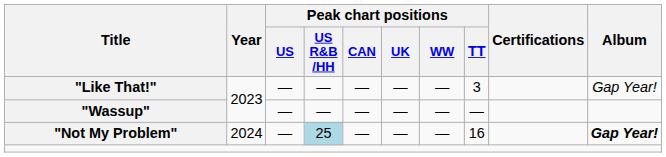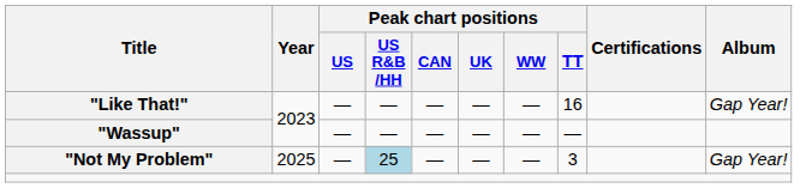 <table class="wikitable plainrowheaders" style="text-align:center;">
 <tr>
 <th rowspan="2" scope="col" style="width:15em;">Title</th>
 <th rowspan="2" scope="col">Year</th>
 <th colspan="6" scope="col">Peak chart positions</th>
 <th rowspan="2" scope="col">Certifications</th>
 <th rowspan="2" scope="col">Album</th>
 </tr>
 <tr>
 <th scope="col" style="width:2.5em;font-size:90%;"><a href='#'>US</a></th>
 <th scope="col" style="width:2.5em;font-size:90%;"><a href='#'>US</a><br><a href='#'>R&B</a> <a href='#'>/HH</a></th>
 <th scope="col" style="width:2.5em;font-size:90%;"><a href='#'>CAN</a></th>
 <th scope="col" style="width:2.5em;font-size:90%;"><a href='#'>UK</a></th>
 <th scope="col" style="width:3em;font-size:90%;"><a href='#'>WW</a></th>
 <th><a href='#'>TT</a></th>
 </tr>
 <tr>
 <th scope="row">"Like That!"</th>
 <td rowspan="2">2023</td>
 <td>—</td>
 <td>—</td>
 <td>—</td>
 <td>—</td>
 <td>—</td>
-<td>3</td>
+<td>16</td>
 <td></td>
 <td><em>Gap Year!</em></td>
 </tr>
 <tr>
 <th scope="row">"Wassup"</th>
 <td>—</td>
 <td>—</td>
 <td>—</td>
 <td>—</td>
 <td>—</td>
 <td>—</td>
 <td></td>
 <td></td>
 </tr>
 <tr>
 <th scope="row">"Not My Problem"</th>
-<td>2024</td>
+<td>2025</td>
 <td>—</td>
 <td style="background: lightblue;">25</td>
 <td>—</td>
 <td>—</td>
 <td>—</td>
-<td>16</td>
+<td>3</td>
 <td></td>
-<td><strong><em>Gap Year!</em></strong></td>
+<td><em>Gap Year!</em></td>
 </tr>
 <tr>
 <td colspan="10"></td>
 </tr>
 </table>
